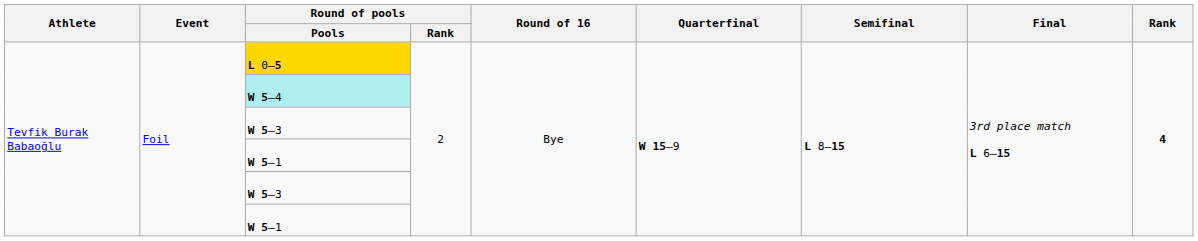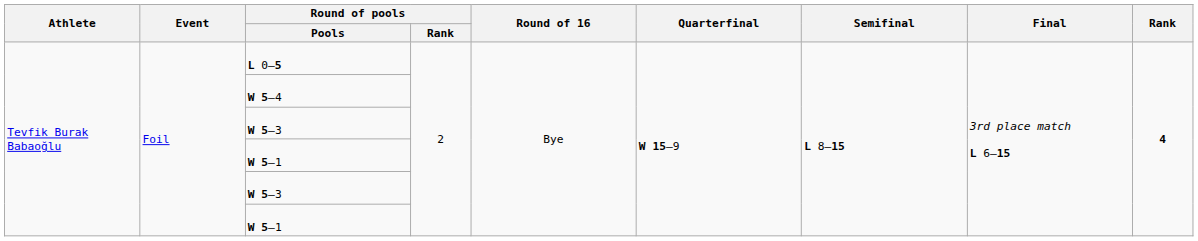 <table class="wikitable" width="98%" style="text-align:left; font-size:90%">
 <tr>
 <th rowspan="2" width="9%">Athlete</th>
 <th rowspan="2" width="7%">Event</th>
 <th colspan="2">Round of pools</th>
 <th rowspan="2" width="11%">Round of 16</th>
 <th rowspan="2" width="11%">Quarterfinal</th>
 <th rowspan="2" width="11%">Semifinal</th>
 <th rowspan="2" width="11%">Final</th>
 <th rowspan="2" width="4%">Rank</th>
 </tr>
 <tr>
 <th width="11%">Pools</th>
 <th width="4%">Rank</th>
 </tr>
 <tr>
 <td rowspan="6"><a href='#'>Tevfik Burak Babaoğlu</a></td>
 <td rowspan="6"><a href='#'>Foil</a></td>
-<td style="background: gold;"><br> <strong>L</strong> 0–<strong>5</strong></td>
+<td><br> <strong>L</strong> 0–<strong>5</strong></td>
 <td rowspan="6" align=center>2 <strong></strong></td>
 <td rowspan="6" align=center>Bye</td>
 <td rowspan="6"><br> <strong>W</strong> <strong>15</strong>–9</td>
 <td rowspan="6"><br> <strong>L</strong> 8–<strong>15</strong></td>
 <td rowspan="6"><em>3rd place match</em><br><br> <strong>L</strong> 6–<strong>15</strong></td>
 <td rowspan="6" align="center"><strong>4</strong></td>
 </tr>
 <tr>
-<td style="background: paleturquoise;"><br> <strong>W</strong> <strong>5</strong>–4</td>
+<td><br> <strong>W</strong> <strong>5</strong>–4</td>
 </tr>
 <tr>
 <td><br> <strong>W</strong> <strong>5</strong>–3</td>
 </tr>
 <tr>
 <td><br> <strong>W</strong> <strong>5</strong>–1</td>
 </tr>
 <tr>
 <td><br> <strong>W</strong> <strong>5</strong>–3</td>
 </tr>
 <tr>
 <td><br> <strong>W</strong> <strong>5</strong>–1</td>
 </tr>
 </table>
